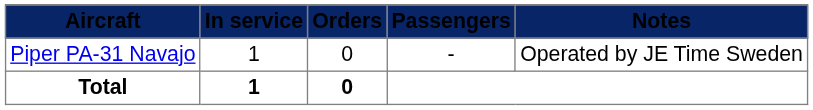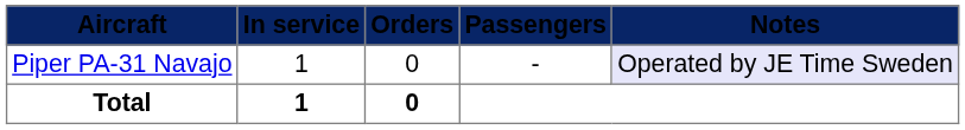 <table class="toccolours" border="1" cellpadding="3" style="margin:1em auto; border-collapse:collapse">
 <tr style="background:#082567;">
 <th><span>Aircraft</span></th>
 <th><span>In service</span></th>
 <th><span>Orders</span></th>
 <th><span>Passengers</span></th>
 <th><span>Notes</span></th>
 </tr>
 <tr>
 <td><a href='#'>Piper PA-31 Navajo</a></td>
 <td align="center">1</td>
 <td align="center">0</td>
 <td align="center">-</td>
-<td align="center">Operated by JE Time Sweden</td>
+<td align="center" style="background: lavender;">Operated by JE Time Sweden</td>
 </tr>
 <tr>
 <th>Total</th>
 <th>1</th>
 <th>0</th>
 <td colspan="2"></td>
 </tr>
 </table>
